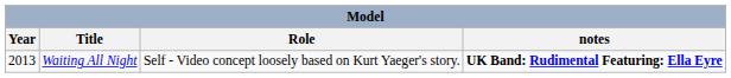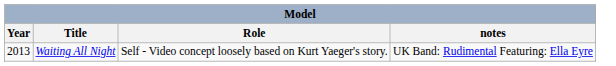 <table class="wikitable sortable" style="font-size: 90%;">
 <tr>
 <th colspan="4" style="background-color: #9EB0C7;">Model</th>
 </tr>
 <tr>
 <th>Year</th>
 <th>Title</th>
 <th>Role</th>
 <th class="unsortable">notes</th>
 </tr>
 <tr>
 <td>2013</td>
 <td><em><a href='#'>Waiting All Night</a></em></td>
 <td>Self - Video concept loosely based on Kurt Yaeger's story.</td>
-<td><strong>UK Band: <a href='#'>Rudimental</a> Featuring: <a href='#'>Ella Eyre</a></strong></td>
+<td>UK Band: <a href='#'>Rudimental</a> Featuring: <a href='#'>Ella Eyre</a></td>
 </tr>
 </table>
